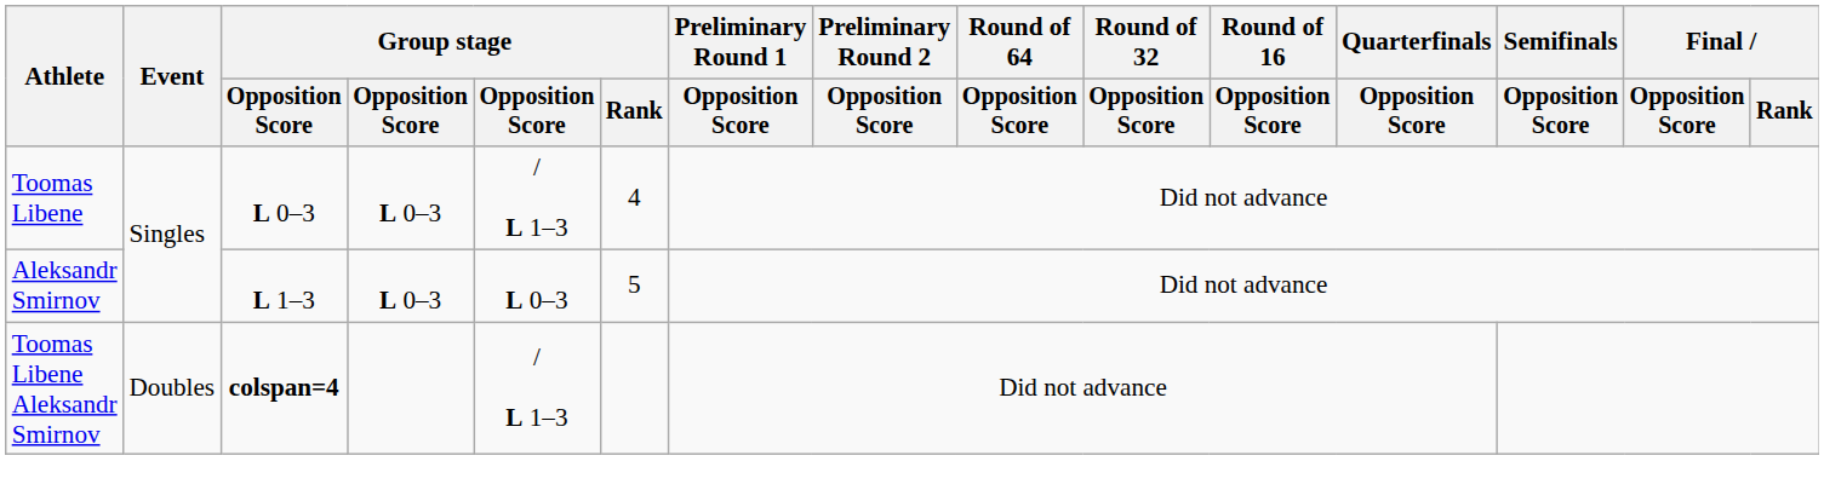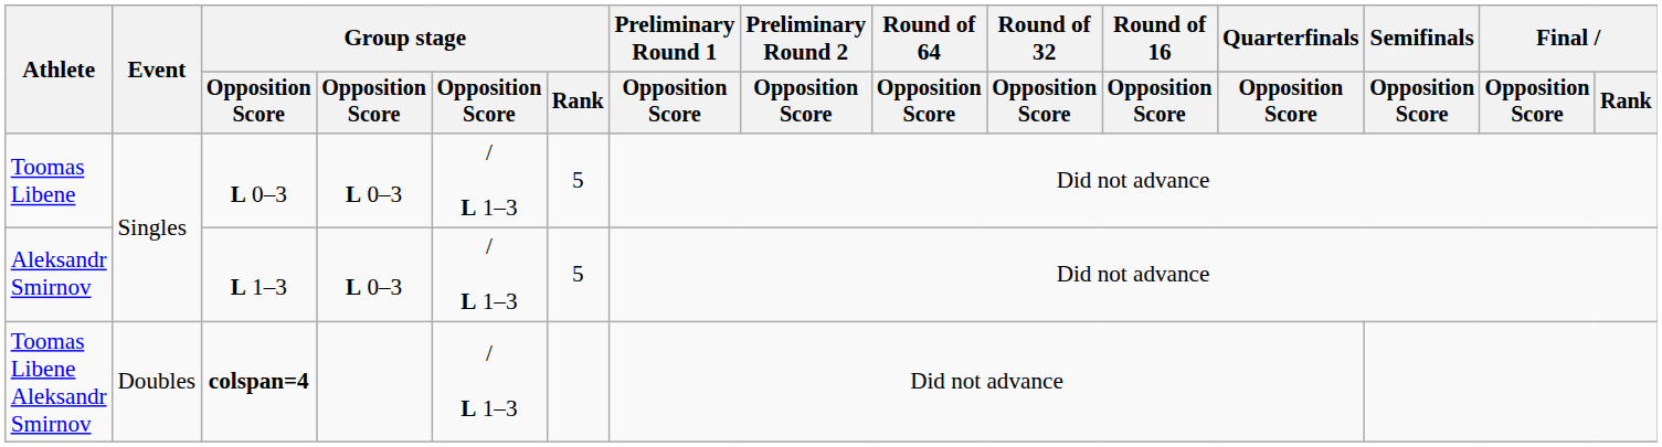 <table class=wikitable style=font-size:90%;text-align:center>
 <tr>
 <th rowspan=2>Athlete</th>
 <th rowspan=2>Event</th>
 <th colspan=4>Group stage</th>
 <th>Preliminary Round 1</th>
 <th>Preliminary Round 2</th>
 <th>Round of 64</th>
 <th>Round of 32</th>
 <th>Round of 16</th>
 <th>Quarterfinals</th>
 <th>Semifinals</th>
 <th colspan=2>Final / </th>
 </tr>
 <tr style=font-size:95%>
 <th>Opposition<br>Score</th>
 <th>Opposition<br>Score</th>
 <th>Opposition<br>Score</th>
 <th>Rank</th>
 <th>Opposition<br>Score</th>
 <th>Opposition<br>Score</th>
 <th>Opposition<br>Score</th>
 <th>Opposition<br>Score</th>
 <th>Opposition<br>Score</th>
 <th>Opposition<br>Score</th>
 <th>Opposition<br>Score</th>
 <th>Opposition<br>Score</th>
 <th>Rank</th>
 </tr>
 <tr>
 <td align=left><a href='#'>Toomas Libene</a></td>
 <td align=left rowspan=2>Singles</td>
 <td><br><strong>L</strong> 0–3</td>
 <td><br><strong>L</strong> 0–3</td>
 <td> /<br><br><strong>L</strong> 1–3</td>
-<td>4</td>
+<td>5</td>
 <td colspan=9>Did not advance</td>
 </tr>
 <tr>
 <td align=left><a href='#'>Aleksandr Smirnov</a></td>
 <td><br><strong>L</strong> 1–3</td>
 <td><br><strong>L</strong> 0–3</td>
-<td><br><strong>L</strong> 0–3</td>
+<td> /<br><br><strong>L</strong> 1–3</td>
 <td>5</td>
 <td colspan=9>Did not advance</td>
 </tr>
 <tr>
 <td align=left><a href='#'>Toomas Libene</a><br><a href='#'>Aleksandr Smirnov</a></td>
 <td>Doubles</td>
 <td><strong>colspan=4</strong></td>
 <td></td>
 <td> /<br><br><strong>L</strong> 1–3</td>
 <td></td>
 <td colspan=6>Did not advance</td>
 </tr>
 </table>
